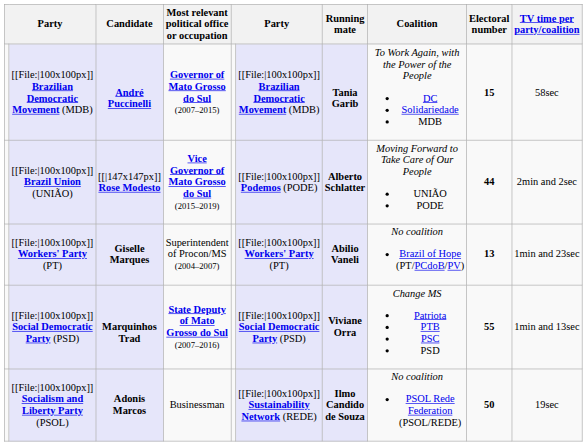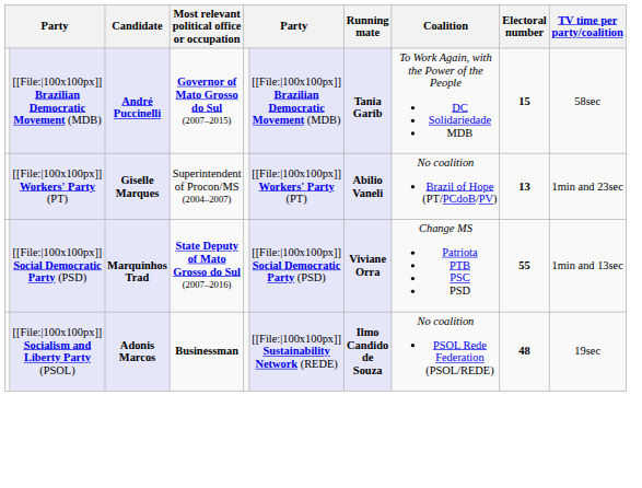 <table class="wikitable" style="text-align:center">
 <tr>
 <th colspan="2">Party</th>
 <th>Candidate</th>
 <th style="max-width:10em">Most relevant political office or occupation</th>
 <th colspan="2">Party</th>
 <th>Running mate</th>
 <th>Coalition</th>
 <th>Electoral number</th>
 <th><a href='#'>TV time per party/coalition</a></th>
 </tr>
 <tr>
 <td style="background:"></td>
 <td style="background:lavender;">[[File:|100x100px]] <br><strong><a href='#'>Brazilian Democratic Movement</a></strong> (MDB)</td>
 <td style="background:lavender;"> <br><strong><a href='#'>André Puccinelli</a></strong></td>
 <td style="max-width:10em"><strong><a href='#'>Governor of Mato Grosso do Sul</a></strong> <br><small>(2007–2015)</small></td>
 <td style="background:"></td>
 <td style="background:lavender;">[[File:|100x100px]] <br><strong><a href='#'>Brazilian Democratic Movement</a></strong> (MDB)</td>
 <td style="background:lavender;"><br><strong>Tania Garib</strong></td>
 <td><em>To Work Again, with the Power of the People</em><br><ul><li><a href='#'>DC</a></li><li><a href='#'>Solidariedade</a></li><li>MDB</li></ul></td>
 <td><strong>15</strong></td>
 <td>58sec</td>
-</tr>
-<tr>
-<td style="background:"></td>
-<td style="background:lavender;">[[File:|100x100px]] <br><strong><a href='#'>Brazil Union</a></strong> (UNIÃO)</td>
-<td style="background:lavender;">[[|147x147px]] <br><strong><a href='#'>Rose Modesto</a></strong></td>
-<td><strong><a href='#'>Vice Governor of Mato Grosso do Sul</a></strong> <br><small>(2015–2019)</small></td>
-<td style="background:"></td>
-<td style="background:lavender;">[[File:|100x100px]] <br><strong><a href='#'>Podemos</a></strong> (PODE)</td>
-<td style="background:lavender;"><strong>Alberto Schlatter</strong></td>
-<td><em>Moving Forward to Take Care of Our People</em><br><ul><li>UNIÃO</li><li>PODE</li></ul></td>
-<td><strong>44</strong></td>
-<td>2min and 2sec</td>
 </tr>
 <tr>
 <td style="background:"></td>
 <td style="background:lavender;">[[File:|100x100px]] <br><strong><a href='#'>Workers' Party</a></strong> (PT)</td>
 <td style="background:lavender;"><strong>Giselle Marques</strong></td>
 <td>Superintendent of Procon/MS <br><small>(2004–2007)</small></td>
 <td style="background:"></td>
 <td style="background:lavender;">[[File:|100x100px]] <br><strong><a href='#'>Workers' Party</a></strong> (PT)</td>
 <td style="background:lavender;"><strong>Abilio Vaneli</strong></td>
 <td><em>No coalition</em><br><ul><li><a href='#'>Brazil of Hope</a> (PT/<a href='#'>PCdoB</a>/<a href='#'>PV</a>)</li></ul></td>
 <td><strong>13</strong></td>
 <td>1min and 23sec</td>
 </tr>
 <tr>
 <td style="background:"></td>
 <td style="background:lavender;">[[File:|100x100px]] <br><strong><a href='#'>Social Democratic Party</a></strong> (PSD)</td>
 <td style="background:lavender;"> <br><strong>Marquinhos Trad</strong></td>
 <td><strong><a href='#'>State Deputy of Mato Grosso do Sul</a></strong> <br><small>(2007–2016)</small></td>
 <td style="background:"></td>
 <td style="background:lavender;">[[File:|100x100px]] <br><strong><a href='#'>Social Democratic Party</a></strong> (PSD)</td>
 <td style="background:lavender;"><strong>Viviane Orra</strong></td>
 <td><em>Change MS</em><br><ul><li><a href='#'>Patriota</a></li><li><a href='#'>PTB</a></li><li><a href='#'>PSC</a></li><li>PSD</li></ul></td>
 <td><strong>55</strong></td>
 <td>1min and 13sec</td>
 </tr>
 <tr>
 <td style="background:"></td>
 <td style="background:lavender;">[[File:|100x100px]] <br><strong><a href='#'>Socialism and Liberty Party</a></strong> (PSOL)</td>
 <td style="background:lavender;"><strong>Adonis Marcos</strong></td>
-<td>Businessman</td>
+<td><strong>Businessman</strong></td>
 <td style="background:"></td>
 <td style="background:lavender;">[[File:|100x100px]] <br><strong><a href='#'>Sustainability Network</a></strong> (REDE)</td>
 <td style="background:lavender;"><strong>Ilmo Candido de Souza</strong></td>
 <td><em>No coalition</em><br><ul><li><a href='#'>PSOL Rede Federation</a> (PSOL/REDE)</li></ul></td>
-<td><strong>50</strong></td>
+<td><strong>48</strong></td>
 <td>19sec</td>
 </tr>
 </table>
